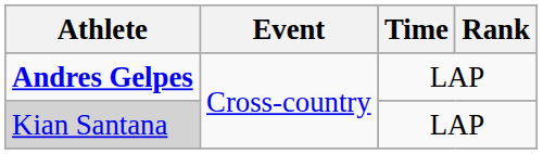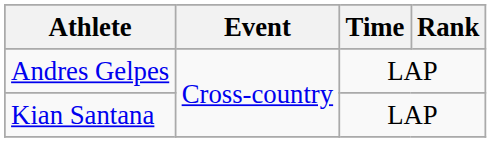 <table class=wikitable style="font-size:95%">
 <tr>
 <th>Athlete</th>
 <th>Event</th>
 <th>Time</th>
 <th>Rank</th>
 </tr>
 <tr>
-<td><strong><a href='#'>Andres Gelpes</a></strong></td>
+<td><a href='#'>Andres Gelpes</a></td>
 <td align=left rowspan=2><a href='#'>Cross-country</a></td>
 <td colspan=2 align=center>LAP</td>
 </tr>
 <tr>
-<td style="background: lightgrey;"><a href='#'>Kian Santana</a></td>
+<td><a href='#'>Kian Santana</a></td>
 <td colspan=2 align=center>LAP</td>
 </tr>
 </table>
